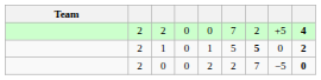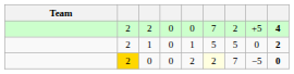 <table class="wikitable" style="text-align: center; font-size:90% ">
 <tr>
 <th width=160>Team</th>
 <th width=25></th>
 <th width=25></th>
 <th width=25></th>
 <th width=25></th>
 <th width=25></th>
 <th width=25></th>
 <th width=25></th>
 <th width=25></th>
 </tr>
 <tr bgcolor="ccffcc">
 <td align=left></td>
 <td>2</td>
 <td>2</td>
 <td>0</td>
 <td>0</td>
 <td>7</td>
 <td>2</td>
 <td>+5</td>
 <td><strong>4</strong></td>
 </tr>
 <tr>
 <td align=left></td>
 <td>2</td>
 <td>1</td>
 <td>0</td>
 <td>1</td>
 <td>5</td>
-<td><strong>5</strong></td>
+<td>5</td>
 <td>0</td>
 <td><strong>2</strong></td>
 </tr>
 <tr>
 <td align=left></td>
-<td>2</td>
+<td style="background: gold;">2</td>
 <td>0</td>
 <td>0</td>
 <td>2</td>
-<td>2</td>
+<td style="background: lightyellow;">2</td>
 <td>7</td>
 <td>−5</td>
 <td><strong>0</strong></td>
 </tr>
 </table>
